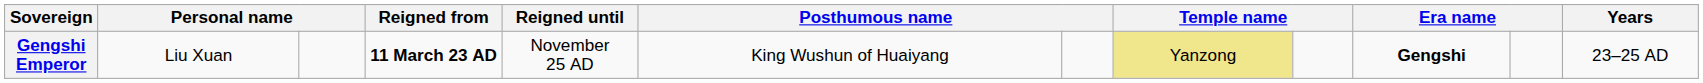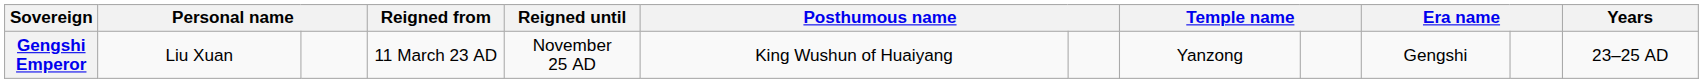 <table class="wikitable plainrowreaders" style="width:100%; text-align:center">
 <tr>
 <th scope="col" style="width:5em">Sovereign</th>
 <th colspan="2" scope="col">Personal name</th>
 <th scope="col" style="width:7.5em">Reigned from</th>
 <th scope="col" style="width:7.5em">Reigned until</th>
 <th colspan="2"><a href='#'>Posthumous name</a></th>
 <th scope="col" colspan="2"><a href='#'>Temple name</a></th>
 <th scope="col" colspan="2"><a href='#'>Era name</a></th>
 <th scope="col" style="width:7.5em">Years</th>
 </tr>
 <tr>
 <th scope="row"><a href='#'>Gengshi Emperor</a></th>
 <td>Liu Xuan</td>
 <td style="min-width:1ic"></td>
-<td><strong>11 March 23 AD</strong></td>
+<td>11 March 23 AD</td>
 <td>November 25 AD</td>
 <td>King Wushun of Huaiyang</td>
 <td style="min-width:1ic"></td>
-<td style="background: khaki;">Yanzong</td>
+<td>Yanzong</td>
 <td style="min-width:1ic"></td>
-<td><strong>Gengshi</strong></td>
+<td>Gengshi</td>
 <td style="min-width:1ic"></td>
 <td>23–25 AD</td>
 </tr>
 </table>
